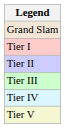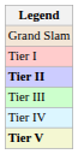 <table class="wikitable sortable mw-collapsible mw-collapsed">
 <tr>
 <th>Legend</th>
 </tr>
 <tr style="background:#f3e6d7;">
 <td>Grand Slam</td>
 </tr>
 <tr style="background:#fcc;">
 <td>Tier I</td>
 </tr>
 <tr style="background:#ccf;">
-<td>Tier II</td>
+<td><strong>Tier II</strong></td>
 </tr>
 <tr style="background:#cfc;">
 <td>Tier III</td>
 </tr>
 <tr style="background:#dcf6ff;">
 <td>Tier IV</td>
 </tr>
 <tr style="background:#f4f7d2;" |Tier V (1)>
-<td>Tier V</td>
+<td><strong>Tier V</strong></td>
 </tr>
 </table>
